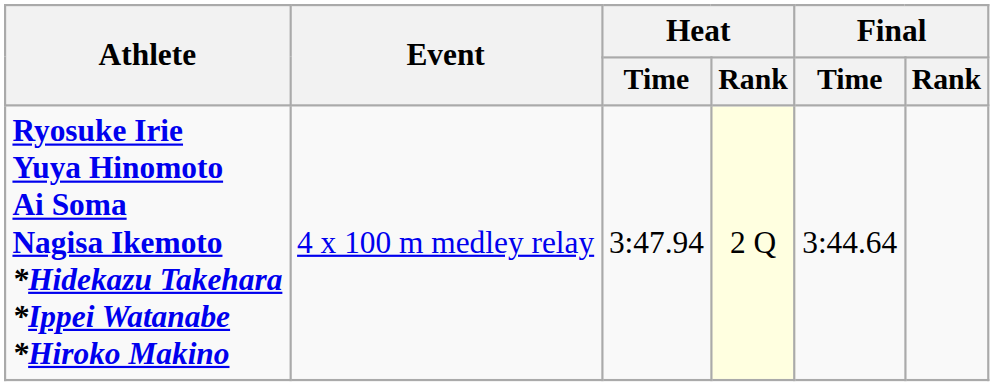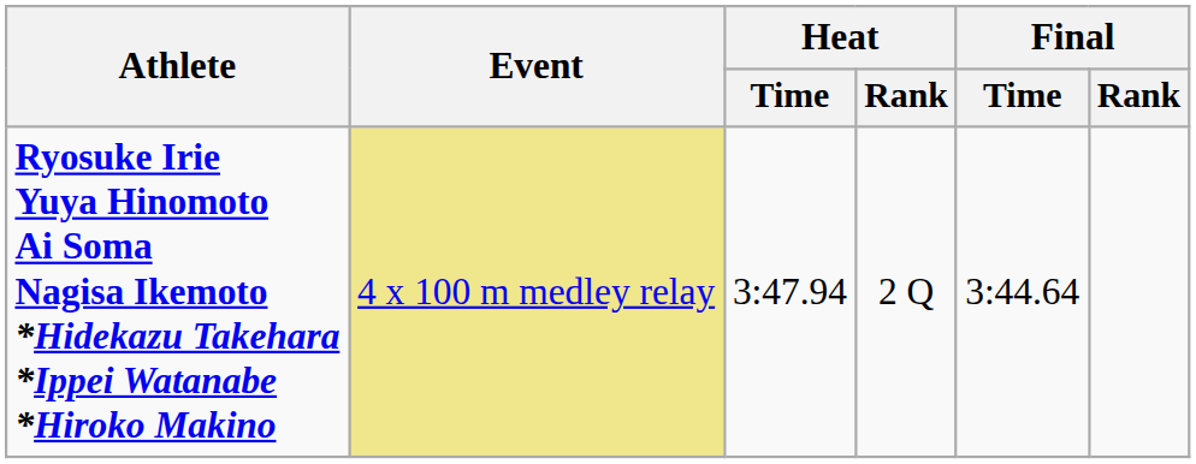 <table class=wikitable style="font-size:90%">
 <tr>
 <th rowspan="2">Athlete</th>
 <th rowspan="2">Event</th>
 <th colspan="2">Heat</th>
 <th colspan="2">Final</th>
 </tr>
 <tr style="font-size:95%">
 <th>Time</th>
 <th>Rank</th>
 <th>Time</th>
 <th>Rank</th>
 </tr>
 <tr align=center>
 <td align=left><strong><a href='#'>Ryosuke Irie</a><br><a href='#'>Yuya Hinomoto</a><br><a href='#'>Ai Soma</a><br><a href='#'>Nagisa Ikemoto</a><br><em>*<a href='#'>Hidekazu Takehara</a></em><br><em>*<a href='#'>Ippei Watanabe</a></em><br><em>*<a href='#'>Hiroko Makino</a><strong><em></td>
-<td align=left><a href='#'>4 x 100 m medley relay</a></td>
+<td align=left style="background: khaki;"><a href='#'>4 x 100 m medley relay</a></td>
 <td>3:47.94</td>
-<td style="background: lightyellow;">2 </strong>Q<strong></td>
+<td>2 </strong>Q<strong></td>
 <td>3:44.64</td>
 <td></td>
 </tr>
 </table>
